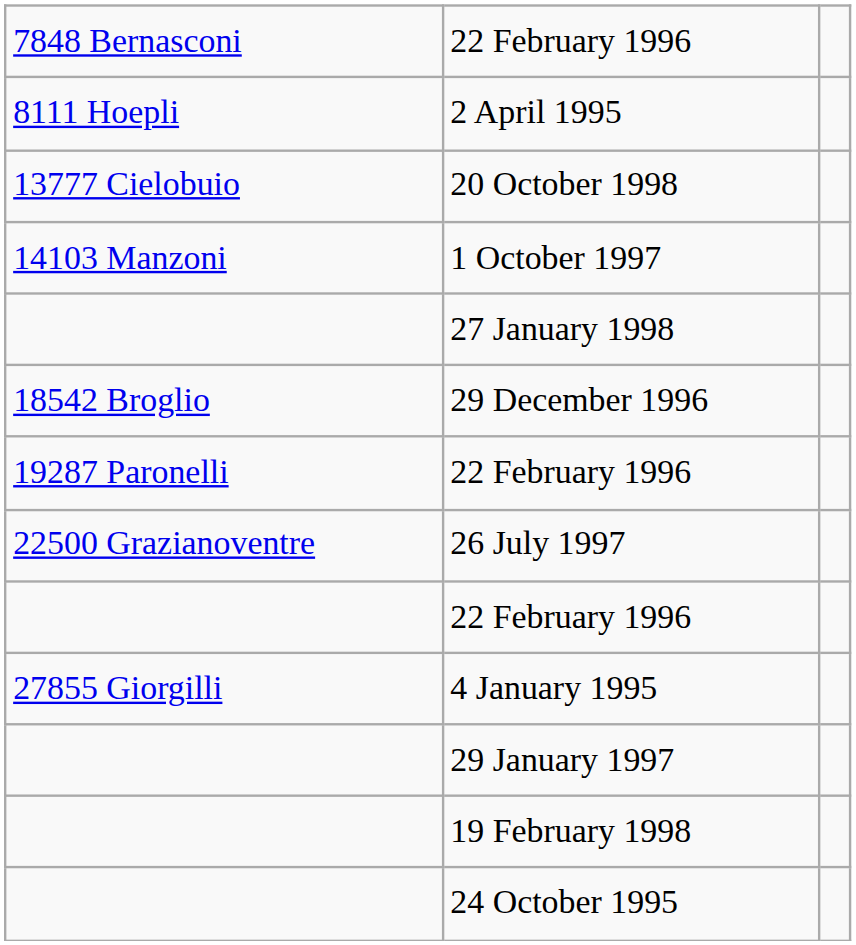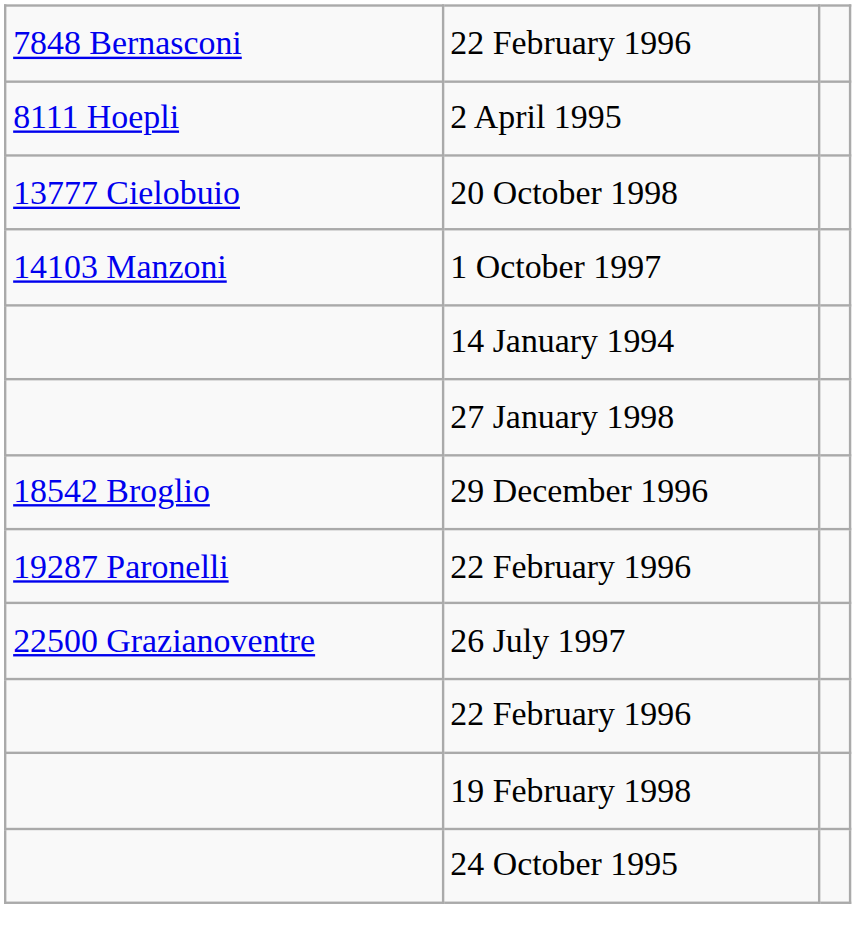 <table class="wikitable" style="font-size: 89%; float: left; width: 25em; margin-right: 1em; line-height: 1.65em !important; height: 378px;">
 <tr>
 <td><a href='#'>7848 Bernasconi</a></td>
 <td>22 February 1996</td>
 <td> </td>
 </tr>
 <tr>
 <td><a href='#'>8111 Hoepli</a></td>
 <td>2 April 1995</td>
 <td> </td>
 </tr>
 <tr>
 <td><a href='#'>13777 Cielobuio</a></td>
 <td>20 October 1998</td>
 <td> </td>
 </tr>
 <tr>
 <td><a href='#'>14103 Manzoni</a></td>
 <td>1 October 1997</td>
+<td> </td>
+</tr>
+<tr>
+<td></td>
+<td>14 January 1994</td>
 <td> </td>
 </tr>
 <tr>
 <td></td>
 <td>27 January 1998</td>
 <td> </td>
 </tr>
 <tr>
 <td><a href='#'>18542 Broglio</a></td>
 <td>29 December 1996</td>
 <td> </td>
 </tr>
 <tr>
 <td><a href='#'>19287 Paronelli</a></td>
 <td>22 February 1996</td>
 <td> </td>
 </tr>
 <tr>
 <td><a href='#'>22500 Grazianoventre</a></td>
 <td>26 July 1997</td>
 <td> </td>
 </tr>
 <tr>
 <td></td>
 <td>22 February 1996</td>
 <td> </td>
 </tr>
 <tr>
-<td><a href='#'>27855 Giorgilli</a></td>
-<td>4 January 1995</td>
-<td> </td>
-</tr>
-<tr>
-<td></td>
-<td>29 January 1997</td>
-<td> </td>
-</tr>
-<tr>
 <td></td>
 <td>19 February 1998</td>
 <td> </td>
 </tr>
 <tr>
 <td></td>
 <td>24 October 1995</td>
 <td> </td>
 </tr>
 </table>
